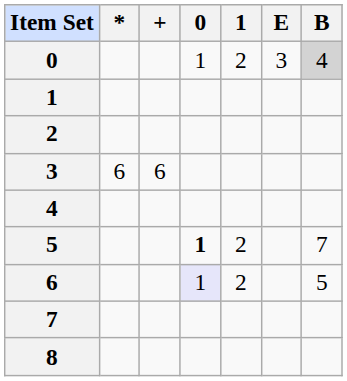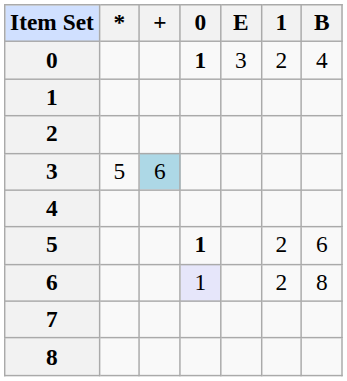 <table class="wikitable" style="text-align:center">
 <tr style="background:#e0e0d0;">
 <th style="background:#d0e0ff; width:28%;">Item Set</th>
 <th style="width:12%;">*</th>
 <th style="width:12%;">+</th>
 <th style="width:12%;">0</th>
+<th style="width:12%;">E</th>
 <th style="width:12%;">1</th>
-<th style="width:12%;">E</th>
 <th style="width:12%;">B</th>
 </tr>
 <tr>
 <th>0</th>
 <td> </td>
 <td> </td>
-<td>1</td>
+<td><strong>1</strong></td>
+<td>3</td>
 <td>2</td>
-<td>3</td>
-<td style="background: lightgrey;">4</td>
+<td>4</td>
 </tr>
 <tr>
 <th>1</th>
 <td> </td>
 <td> </td>
 <td> </td>
 <td> </td>
 <td> </td>
 <td> </td>
 </tr>
 <tr>
 <th>2</th>
 <td> </td>
 <td> </td>
 <td> </td>
 <td> </td>
 <td> </td>
 <td> </td>
 </tr>
 <tr>
 <th>3</th>
-<td>6</td>
-<td>6</td>
+<td>5</td>
+<td style="background: lightblue;">6</td>
 <td> </td>
 <td> </td>
 <td> </td>
 <td> </td>
 </tr>
 <tr>
 <th>4</th>
 <td> </td>
 <td> </td>
 <td> </td>
 <td> </td>
 <td> </td>
 <td> </td>
 </tr>
 <tr>
 <th>5</th>
 <td> </td>
 <td> </td>
 <td><strong>1</strong></td>
+<td> </td>
 <td>2</td>
-<td> </td>
-<td>7</td>
+<td>6</td>
 </tr>
 <tr>
 <th>6</th>
 <td> </td>
 <td> </td>
 <td style="background: lavender;">1</td>
+<td> </td>
 <td>2</td>
-<td> </td>
-<td>5</td>
+<td>8</td>
 </tr>
 <tr>
 <th>7</th>
 <td> </td>
 <td> </td>
 <td> </td>
 <td> </td>
 <td> </td>
 <td> </td>
 </tr>
 <tr>
 <th>8</th>
 <td> </td>
 <td> </td>
 <td> </td>
 <td> </td>
 <td> </td>
 <td> </td>
 </tr>
 </table>
